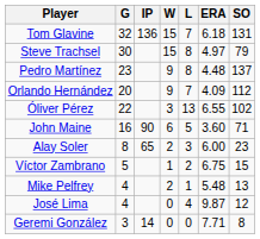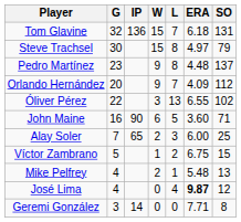 <table class="wikitable sortable">
 <tr>
 <th>Player</th>
 <th>G</th>
 <th>IP</th>
 <th>W</th>
 <th>L</th>
 <th>ERA</th>
 <th>SO</th>
 </tr>
 <tr align="center">
 <td><a href='#'>Tom Glavine</a></td>
 <td>32</td>
 <td>136</td>
 <td>15</td>
 <td>7</td>
 <td>6.18</td>
 <td>131</td>
 </tr>
 <tr align="center">
 <td><a href='#'>Steve Trachsel</a></td>
 <td>30</td>
 <td></td>
 <td>15</td>
 <td>8</td>
 <td>4.97</td>
 <td>79</td>
 </tr>
 <tr align="center">
 <td><a href='#'>Pedro Martínez</a></td>
 <td>23</td>
 <td></td>
 <td>9</td>
 <td>8</td>
 <td>4.48</td>
 <td>137</td>
 </tr>
 <tr align="center">
 <td><a href='#'>Orlando Hernández</a></td>
 <td>20</td>
 <td></td>
 <td>9</td>
 <td>7</td>
 <td>4.09</td>
 <td>112</td>
 </tr>
 <tr align="center">
 <td><a href='#'>Óliver Pérez</a></td>
 <td>22</td>
 <td></td>
 <td>3</td>
 <td>13</td>
 <td>6.55</td>
 <td>102</td>
 </tr>
 <tr align=center>
 <td><a href='#'>John Maine</a></td>
 <td>16</td>
 <td>90</td>
 <td>6</td>
 <td>5</td>
 <td>3.60</td>
 <td>71</td>
 </tr>
 <tr align="center">
 <td><a href='#'>Alay Soler</a></td>
-<td>8</td>
+<td>7</td>
 <td>65</td>
 <td>2</td>
 <td>3</td>
 <td>6.00</td>
-<td>23</td>
+<td>25</td>
 </tr>
 <tr align="center">
 <td><a href='#'>Víctor Zambrano</a></td>
 <td>5</td>
 <td></td>
 <td>1</td>
 <td>2</td>
 <td>6.75</td>
 <td>15</td>
 </tr>
 <tr align="center">
 <td><a href='#'>Mike Pelfrey</a></td>
 <td>4</td>
 <td></td>
 <td>2</td>
 <td>1</td>
 <td>5.48</td>
 <td>13</td>
 </tr>
 <tr align="center">
 <td><a href='#'>José Lima</a></td>
 <td>4</td>
 <td></td>
 <td>0</td>
 <td>4</td>
-<td>9.87</td>
+<td><strong>9.87</strong></td>
 <td>12</td>
 </tr>
 <tr align="center">
 <td><a href='#'>Geremi González</a></td>
 <td>3</td>
 <td>14</td>
 <td>0</td>
 <td>0</td>
 <td>7.71</td>
 <td>8</td>
 </tr>
 </table>
